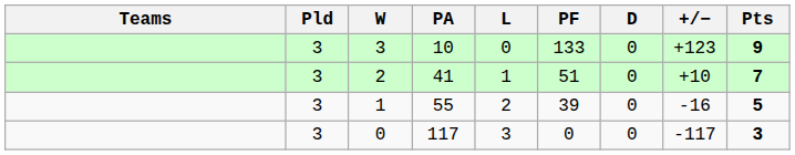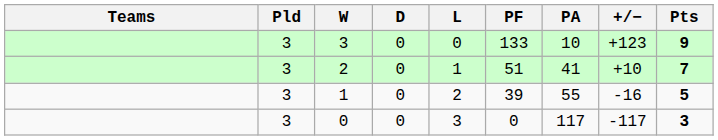 <table class="wikitable" style="text-align: center;">
 <tr>
 <th width="200">Teams</th>
 <th width="40">Pld</th>
 <th width="40">W</th>
-<th width="40">PA</th>
+<th width="40">D</th>
 <th width="40">L</th>
 <th width="40">PF</th>
-<th width="40">D</th>
+<th width="40">PA</th>
 <th width="40">+/−</th>
 <th width="40">Pts</th>
 </tr>
 <tr bgcolor=#ccffcc>
 <td align=left></td>
 <td>3</td>
 <td>3</td>
-<td>10</td>
+<td>0</td>
 <td>0</td>
 <td>133</td>
-<td>0</td>
+<td>10</td>
 <td>+123</td>
 <td><strong>9</strong></td>
 </tr>
 <tr bgcolor=#ccffcc>
 <td align=left></td>
 <td>3</td>
 <td>2</td>
-<td>41</td>
+<td>0</td>
 <td>1</td>
 <td>51</td>
-<td>0</td>
+<td>41</td>
 <td>+10</td>
 <td><strong>7</strong></td>
 </tr>
 <tr>
 <td align=left></td>
 <td>3</td>
 <td>1</td>
-<td>55</td>
+<td>0</td>
 <td>2</td>
 <td>39</td>
-<td>0</td>
+<td>55</td>
 <td>-16</td>
 <td><strong>5</strong></td>
 </tr>
 <tr>
 <td align=left></td>
 <td>3</td>
 <td>0</td>
-<td>117</td>
+<td>0</td>
 <td>3</td>
 <td>0</td>
-<td>0</td>
+<td>117</td>
 <td>-117</td>
 <td><strong>3</strong></td>
 </tr>
 </table>
